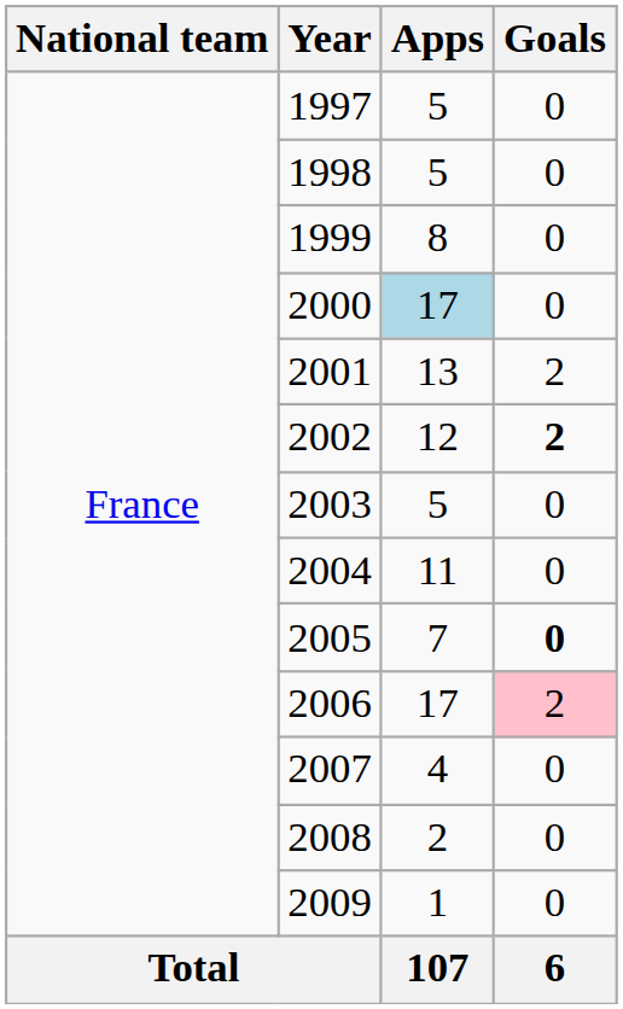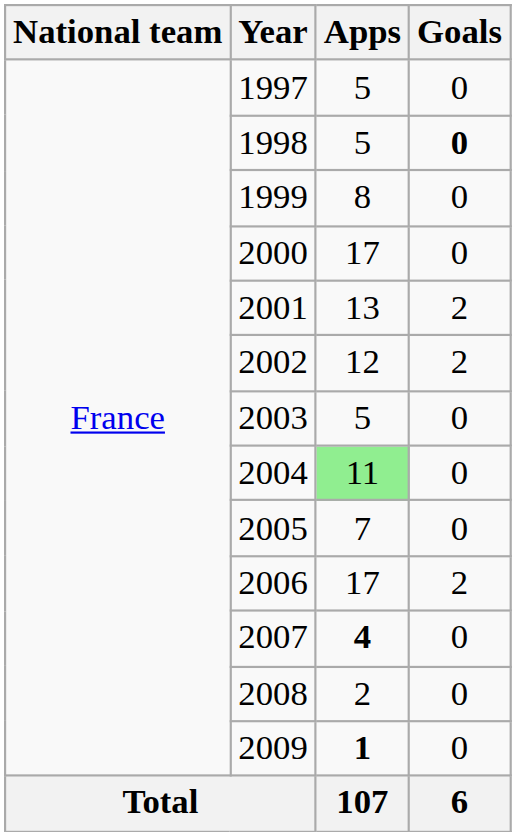 <table class="wikitable" style="text-align: center;">
 <tr>
 <th>National team</th>
 <th>Year</th>
 <th>Apps</th>
 <th>Goals</th>
 </tr>
 <tr>
 <td rowspan="13"><a href='#'>France</a></td>
 <td>1997</td>
 <td>5</td>
 <td>0</td>
 </tr>
 <tr>
 <td>1998</td>
 <td>5</td>
-<td>0</td>
+<td><strong>0</strong></td>
 </tr>
 <tr>
 <td>1999</td>
 <td>8</td>
 <td>0</td>
 </tr>
 <tr>
 <td>2000</td>
-<td style="background: lightblue;">17</td>
+<td>17</td>
 <td>0</td>
 </tr>
 <tr>
 <td>2001</td>
 <td>13</td>
 <td>2</td>
 </tr>
 <tr>
 <td>2002</td>
 <td>12</td>
-<td><strong>2</strong></td>
+<td>2</td>
 </tr>
 <tr>
 <td>2003</td>
 <td>5</td>
 <td>0</td>
 </tr>
 <tr>
 <td>2004</td>
-<td>11</td>
+<td style="background: lightgreen;">11</td>
 <td>0</td>
 </tr>
 <tr>
 <td>2005</td>
 <td>7</td>
-<td><strong>0</strong></td>
+<td>0</td>
 </tr>
 <tr>
 <td>2006</td>
 <td>17</td>
-<td style="background: pink;">2</td>
+<td>2</td>
 </tr>
 <tr>
 <td>2007</td>
-<td>4</td>
+<td><strong>4</strong></td>
 <td>0</td>
 </tr>
 <tr>
 <td>2008</td>
 <td>2</td>
 <td>0</td>
 </tr>
 <tr>
 <td>2009</td>
-<td>1</td>
+<td><strong>1</strong></td>
 <td>0</td>
 </tr>
 <tr>
 <th colspan="2">Total</th>
 <th>107</th>
 <th>6</th>
 </tr>
 </table>
